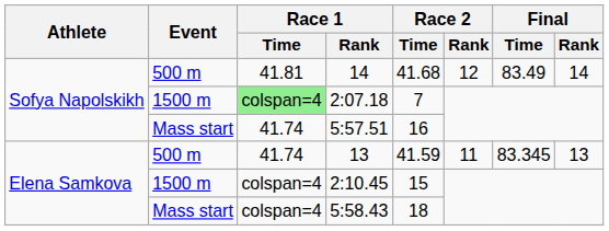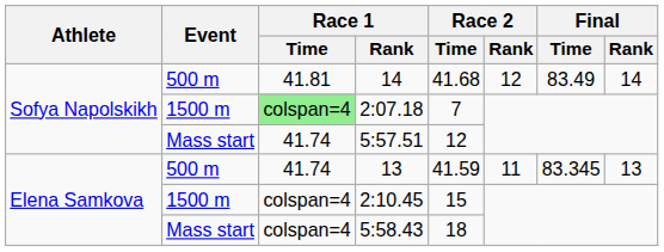 <table class="wikitable" style="font-size:90%">
 <tr>
 <th rowspan=2>Athlete</th>
 <th rowspan=2>Event</th>
 <th colspan=2>Race 1</th>
 <th colspan=2>Race 2</th>
 <th colspan=2>Final</th>
 </tr>
 <tr style="font-size:95%">
 <th>Time</th>
 <th>Rank</th>
 <th>Time</th>
 <th>Rank</th>
 <th>Time</th>
 <th>Rank</th>
 </tr>
 <tr align=center>
 <td align=left rowspan=3><a href='#'>Sofya Napolskikh</a></td>
 <td align=left><a href='#'>500 m</a></td>
 <td>41.81</td>
 <td>14</td>
 <td>41.68</td>
 <td>12</td>
 <td>83.49</td>
 <td>14</td>
 </tr>
 <tr align=center>
 <td align=left><a href='#'>1500 m</a></td>
 <td style="background: lightgreen;">colspan=4 </td>
 <td>2:07.18</td>
 <td>7</td>
 </tr>
 <tr align=center>
 <td align=left><a href='#'>Mass start</a></td>
 <td>41.74</td>
 <td>5:57.51</td>
-<td>16</td>
+<td>12</td>
 </tr>
 <tr align=center>
 <td align=left rowspan=3><a href='#'>Elena Samkova</a></td>
 <td align=left><a href='#'>500 m</a></td>
 <td>41.74</td>
 <td>13</td>
 <td>41.59</td>
 <td>11</td>
 <td>83.345</td>
 <td>13</td>
 </tr>
 <tr align=center>
 <td align=left><a href='#'>1500 m</a></td>
 <td>colspan=4 </td>
 <td>2:10.45</td>
 <td>15</td>
 </tr>
 <tr align=center>
 <td align=left><a href='#'>Mass start</a></td>
 <td>colspan=4 </td>
 <td>5:58.43</td>
 <td>18</td>
 </tr>
 </table>
